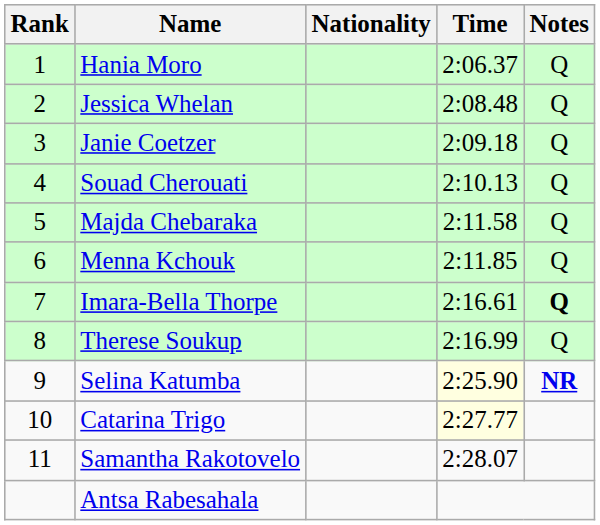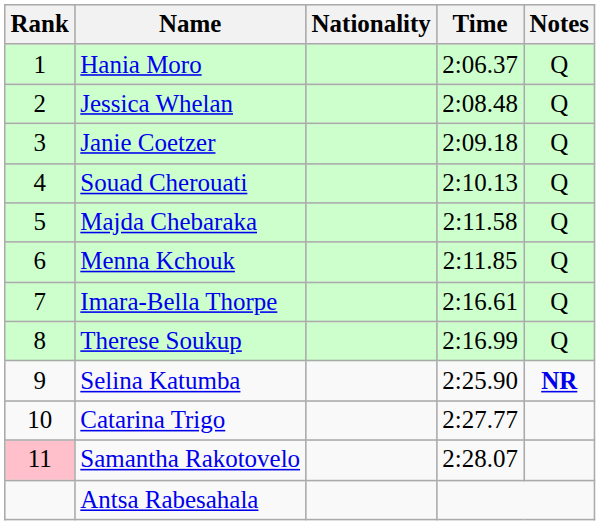 <table class="wikitable sortable" style="text-align:center">
 <tr>
 <th>Rank</th>
 <th>Name</th>
 <th>Nationality</th>
 <th>Time</th>
 <th>Notes</th>
 </tr>
 <tr bgcolor=ccffcc>
 <td>1</td>
 <td align=left><a href='#'>Hania Moro</a></td>
 <td align=left></td>
 <td>2:06.37</td>
 <td>Q</td>
 </tr>
 <tr bgcolor=ccffcc>
 <td>2</td>
 <td align=left><a href='#'>Jessica Whelan</a></td>
 <td align=left></td>
 <td>2:08.48</td>
 <td>Q</td>
 </tr>
 <tr bgcolor=ccffcc>
 <td>3</td>
 <td align=left><a href='#'>Janie Coetzer</a></td>
 <td align=left></td>
 <td>2:09.18</td>
 <td>Q</td>
 </tr>
 <tr bgcolor=ccffcc>
 <td>4</td>
 <td align=left><a href='#'>Souad Cherouati</a></td>
 <td align=left></td>
 <td>2:10.13</td>
 <td>Q</td>
 </tr>
 <tr bgcolor=ccffcc>
 <td>5</td>
 <td align=left><a href='#'>Majda Chebaraka</a></td>
 <td align=left></td>
 <td>2:11.58</td>
 <td>Q</td>
 </tr>
 <tr bgcolor=ccffcc>
 <td>6</td>
 <td align=left><a href='#'>Menna Kchouk</a></td>
 <td align=left></td>
 <td>2:11.85</td>
 <td>Q</td>
 </tr>
 <tr bgcolor=ccffcc>
 <td>7</td>
 <td align=left><a href='#'>Imara-Bella Thorpe</a></td>
 <td align=left></td>
 <td>2:16.61</td>
-<td><strong>Q</strong></td>
+<td>Q</td>
 </tr>
 <tr bgcolor=ccffcc>
 <td>8</td>
 <td align=left><a href='#'>Therese Soukup</a></td>
 <td align=left></td>
 <td>2:16.99</td>
 <td>Q</td>
 </tr>
 <tr>
 <td>9</td>
 <td align=left><a href='#'>Selina Katumba</a></td>
 <td align=left></td>
-<td style="background: lightyellow;">2:25.90</td>
+<td>2:25.90</td>
 <td><strong><a href='#'>NR</a></strong></td>
 </tr>
 <tr>
 <td>10</td>
 <td align=left><a href='#'>Catarina Trigo</a></td>
 <td align=left></td>
-<td style="background: lightyellow;">2:27.77</td>
+<td>2:27.77</td>
 <td></td>
 </tr>
 <tr>
-<td>11</td>
+<td style="background: pink;">11</td>
 <td align=left><a href='#'>Samantha Rakotovelo</a></td>
 <td align=left></td>
 <td>2:28.07</td>
 <td></td>
 </tr>
 <tr>
 <td></td>
 <td align=left><a href='#'>Antsa Rabesahala</a></td>
 <td align=left></td>
 <td colspan=2></td>
 </tr>
 </table>
